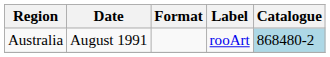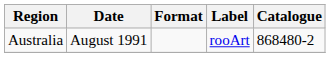 <table class="wikitable plainrowheaders">
 <tr>
 <th scope="col">Region</th>
 <th scope="col">Date</th>
 <th scope="col">Format</th>
 <th scope="col">Label</th>
 <th scope="col">Catalogue</th>
 </tr>
 <tr>
 <td>Australia</td>
 <td>August 1991</td>
 <td></td>
 <td><a href='#'>rooArt</a></td>
-<td style="background: lightblue;">868480-2</td>
+<td>868480-2</td>
 </tr>
 <tr>
 </tr>
 </table>
